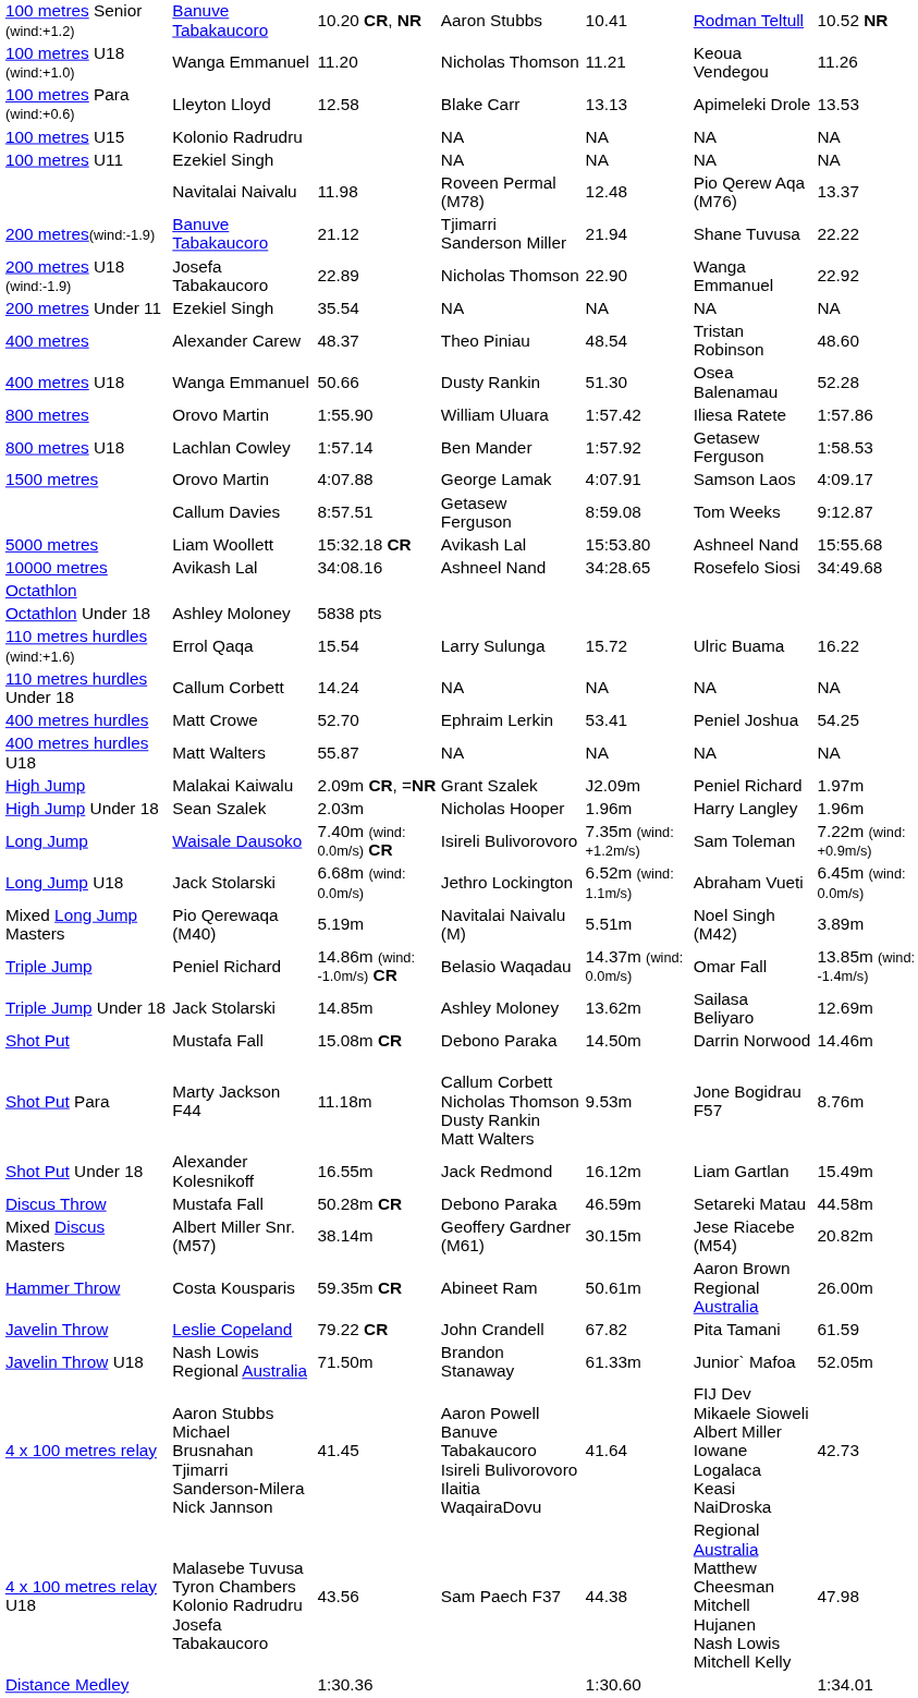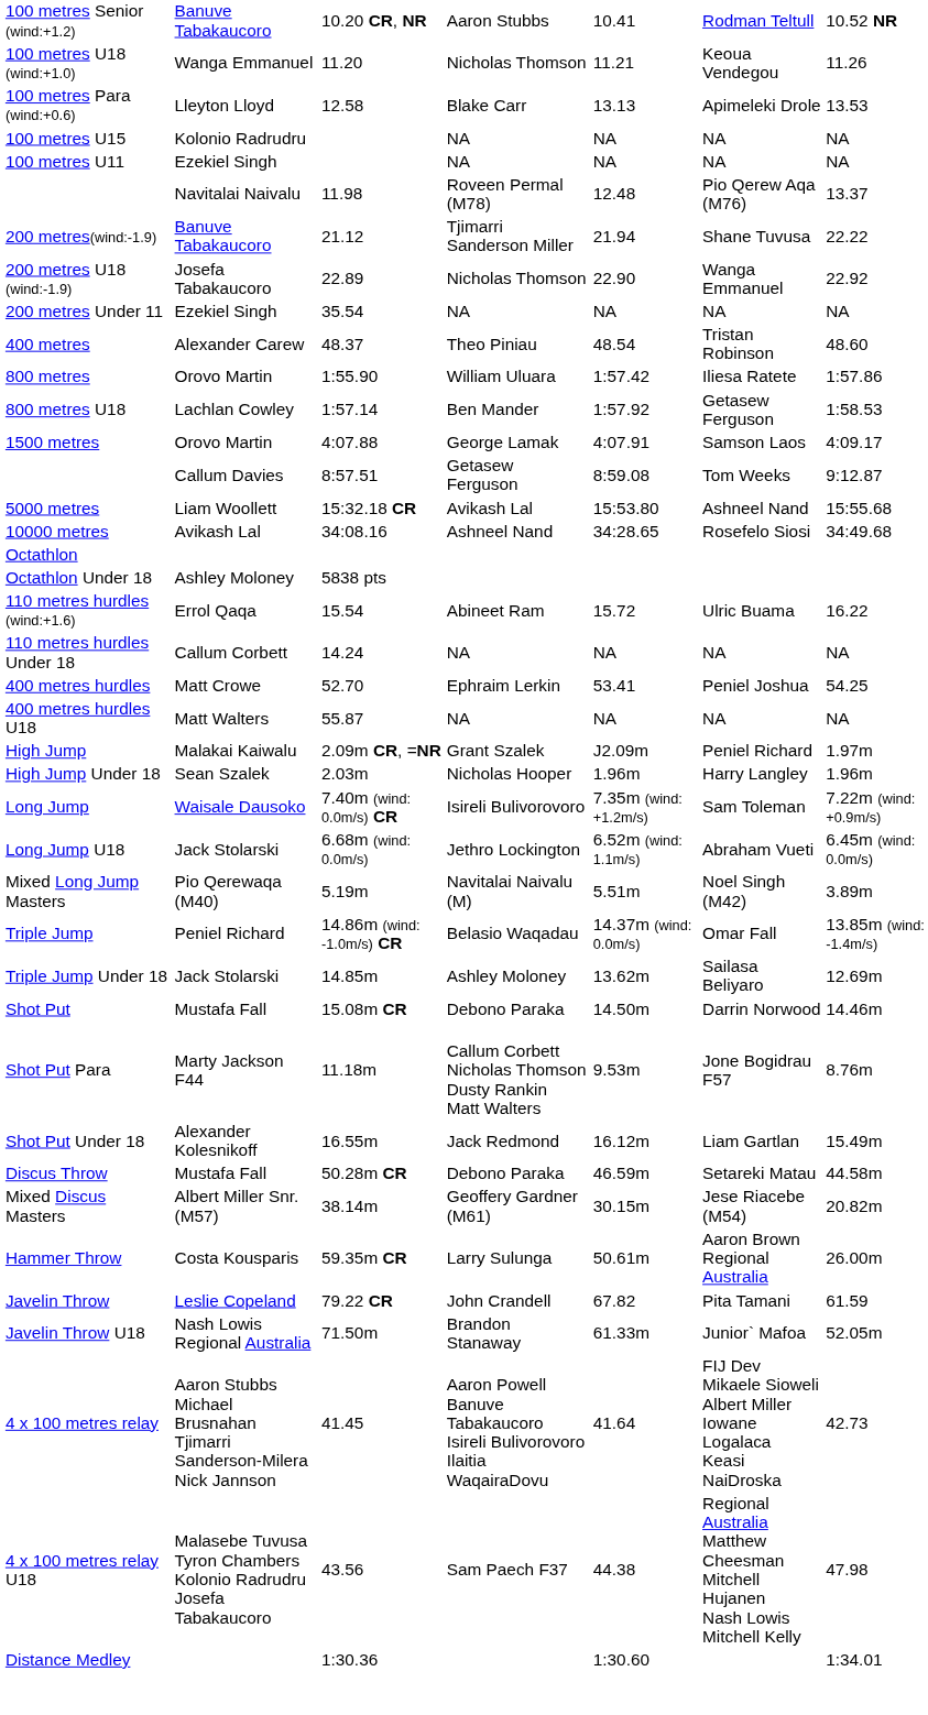 <table>
 <tr>
 <td><a href='#'>100 metres</a> Senior <br><small>(wind:+1.2)</small></td>
 <td><a href='#'>Banuve Tabakaucoro</a><br></td>
 <td>10.20 <strong>CR</strong>, <strong>NR</strong></td>
 <td>Aaron Stubbs<br></td>
 <td>10.41</td>
 <td><a href='#'>Rodman Teltull</a><br></td>
 <td>10.52 <strong>NR</strong></td>
 </tr>
 <tr>
 <td><a href='#'>100 metres</a> U18 <br><small>(wind:+1.0)</small></td>
 <td>Wanga Emmanuel<br></td>
 <td>11.20</td>
 <td>Nicholas Thomson<br></td>
 <td>11.21</td>
 <td>Keoua Vendegou<br></td>
 <td>11.26</td>
 </tr>
 <tr>
 <td><a href='#'>100 metres</a> Para <br><small>(wind:+0.6)</small></td>
 <td>Lleyton Lloyd<br></td>
 <td>12.58</td>
 <td>Blake Carr<br></td>
 <td>13.13</td>
 <td>Apimeleki Drole<br></td>
 <td>13.53</td>
 </tr>
 <tr>
 <td><a href='#'>100 metres</a> U15</td>
 <td>Kolonio Radrudru<br></td>
 <td></td>
 <td>NA</td>
 <td>NA</td>
 <td>NA</td>
 <td>NA</td>
 </tr>
 <tr>
 <td><a href='#'>100 metres</a> U11</td>
 <td>Ezekiel Singh<br></td>
 <td></td>
 <td>NA</td>
 <td>NA</td>
 <td>NA</td>
 <td>NA</td>
 </tr>
 <tr>
 <td></td>
 <td>Navitalai Naivalu<br></td>
 <td>11.98</td>
 <td>Roveen Permal (M78)<br></td>
 <td>12.48</td>
 <td>Pio Qerew Aqa (M76)<br></td>
 <td>13.37</td>
 </tr>
 <tr>
 <td><a href='#'>200 metres</a><small>(wind:-1.9)</small></td>
 <td><a href='#'>Banuve Tabakaucoro</a><br></td>
 <td>21.12</td>
 <td>Tjimarri Sanderson Miller <br></td>
 <td>21.94</td>
 <td>Shane Tuvusa<br></td>
 <td>22.22</td>
 </tr>
 <tr>
 <td><a href='#'>200 metres</a> U18 <br><small>(wind:-1.9)</small></td>
 <td>Josefa Tabakaucoro<br></td>
 <td>22.89</td>
 <td>Nicholas Thomson<br></td>
 <td>22.90</td>
 <td>Wanga Emmanuel<br></td>
 <td>22.92</td>
 </tr>
 <tr>
 <td><a href='#'>200 metres</a> Under 11</td>
 <td>Ezekiel Singh<br></td>
 <td>35.54</td>
 <td>NA</td>
 <td>NA</td>
 <td>NA</td>
 <td>NA</td>
 </tr>
 <tr>
 <td><a href='#'>400 metres</a></td>
 <td>Alexander Carew<br></td>
 <td>48.37</td>
 <td>Theo Piniau<br></td>
 <td>48.54</td>
 <td>Tristan Robinson<br></td>
 <td>48.60</td>
 </tr>
 <tr>
-<td><a href='#'>400 metres</a> U18</td>
-<td>Wanga Emmanuel<br></td>
-<td>50.66</td>
-<td>Dusty Rankin<br></td>
-<td>51.30</td>
-<td>Osea Balenamau<br></td>
-<td>52.28</td>
-</tr>
-<tr>
 <td><a href='#'>800 metres</a></td>
 <td>Orovo Martin<br></td>
 <td>1:55.90</td>
 <td>William Uluara<br></td>
 <td>1:57.42</td>
 <td>Iliesa Ratete<br></td>
 <td>1:57.86</td>
 </tr>
 <tr>
 <td><a href='#'>800 metres</a> U18</td>
 <td>Lachlan Cowley<br></td>
 <td>1:57.14</td>
 <td>Ben Mander<br></td>
 <td>1:57.92</td>
 <td>Getasew Ferguson<br></td>
 <td>1:58.53</td>
 </tr>
 <tr>
 <td><a href='#'>1500 metres</a></td>
 <td>Orovo Martin<br></td>
 <td>4:07.88</td>
 <td>George Lamak<br></td>
 <td>4:07.91</td>
 <td>Samson Laos<br></td>
 <td>4:09.17</td>
 </tr>
 <tr>
 <td></td>
 <td>Callum Davies<br></td>
 <td>8:57.51</td>
 <td>Getasew Ferguson<br></td>
 <td>8:59.08</td>
 <td>Tom Weeks<br></td>
 <td>9:12.87</td>
 </tr>
 <tr>
 <td><a href='#'>5000 metres</a></td>
 <td>Liam Woollett<br></td>
 <td>15:32.18 <strong>CR</strong></td>
 <td>Avikash Lal<br></td>
 <td>15:53.80</td>
 <td>Ashneel Nand<br></td>
 <td>15:55.68</td>
 </tr>
 <tr>
 <td><a href='#'>10000 metres</a></td>
 <td>Avikash Lal<br></td>
 <td>34:08.16</td>
 <td>Ashneel Nand<br></td>
 <td>34:28.65</td>
 <td>Rosefelo Siosi<br></td>
 <td>34:49.68</td>
 </tr>
 <tr>
 <td><a href='#'>Octathlon</a></td>
 <td></td>
 <td></td>
 <td></td>
 <td></td>
 <td></td>
 <td></td>
 </tr>
 <tr>
 <td><a href='#'>Octathlon</a> Under 18</td>
 <td>Ashley Moloney<br></td>
 <td>5838 pts</td>
 <td></td>
 <td></td>
 <td></td>
 <td></td>
 </tr>
 <tr>
 <td><a href='#'>110 metres hurdles</a> <br><small>(wind:+1.6)</small></td>
 <td>Errol Qaqa<br></td>
 <td>15.54</td>
-<td>Larry Sulunga<br></td>
+<td>Abineet Ram<br></td>
 <td>15.72</td>
 <td>Ulric Buama<br></td>
 <td>16.22</td>
 </tr>
 <tr>
 <td><a href='#'>110 metres hurdles</a> Under 18</td>
 <td>Callum Corbett<br></td>
 <td>14.24</td>
 <td>NA</td>
 <td>NA</td>
 <td>NA</td>
 <td>NA</td>
 </tr>
 <tr>
 <td><a href='#'>400 metres hurdles</a></td>
 <td>Matt Crowe<br></td>
 <td>52.70</td>
 <td>Ephraim Lerkin<br></td>
 <td>53.41</td>
 <td>Peniel Joshua<br></td>
 <td>54.25</td>
 </tr>
 <tr>
 <td><a href='#'>400 metres hurdles</a> U18</td>
 <td>Matt Walters<br></td>
 <td>55.87</td>
 <td>NA</td>
 <td>NA</td>
 <td>NA</td>
 <td>NA</td>
 </tr>
 <tr>
 <td><a href='#'>High Jump</a></td>
 <td>Malakai Kaiwalu<br></td>
 <td>2.09m <strong>CR</strong>, =<strong>NR</strong></td>
 <td>Grant Szalek<br></td>
 <td>J2.09m</td>
 <td>Peniel Richard<br></td>
 <td>1.97m</td>
 </tr>
 <tr>
 <td><a href='#'>High Jump</a> Under 18</td>
 <td>Sean Szalek<br></td>
 <td>2.03m</td>
 <td>Nicholas Hooper<br></td>
 <td>1.96m</td>
 <td>Harry Langley<br></td>
 <td>1.96m</td>
 </tr>
 <tr>
 <td><a href='#'>Long Jump</a></td>
 <td><a href='#'>Waisale Dausoko</a><br></td>
 <td>7.40m <small>(wind: 0.0m/s)</small> <strong>CR</strong></td>
 <td>Isireli Bulivorovoro<br></td>
 <td>7.35m <small>(wind: +1.2m/s)</small></td>
 <td>Sam Toleman<br></td>
 <td>7.22m <small>(wind: +0.9m/s)</small></td>
 </tr>
 <tr>
 <td><a href='#'>Long Jump</a> U18</td>
 <td>Jack Stolarski<br></td>
 <td>6.68m <small>(wind: 0.0m/s)</small></td>
 <td>Jethro Lockington<br></td>
 <td>6.52m <small>(wind: 1.1m/s)</small></td>
 <td>Abraham Vueti<br></td>
 <td>6.45m <small>(wind: 0.0m/s)</small></td>
 </tr>
 <tr>
 <td>Mixed <a href='#'>Long Jump</a> Masters</td>
 <td>Pio Qerewaqa (M40)<br></td>
 <td>5.19m</td>
 <td>Navitalai Naivalu (M)<br></td>
 <td>5.51m</td>
 <td>Noel Singh (M42)<br></td>
 <td>3.89m</td>
 </tr>
 <tr>
 <td><a href='#'>Triple Jump</a></td>
 <td>Peniel Richard<br></td>
 <td>14.86m <small>(wind: -1.0m/s)</small> <strong>CR</strong></td>
 <td>Belasio Waqadau<br></td>
 <td>14.37m <small>(wind: 0.0m/s)</small></td>
 <td>Omar Fall<br></td>
 <td>13.85m <small>(wind: -1.4m/s)</small></td>
 </tr>
 <tr>
 <td><a href='#'>Triple Jump</a> Under 18</td>
 <td>Jack Stolarski<br></td>
 <td>14.85m</td>
 <td>Ashley Moloney<br></td>
 <td>13.62m</td>
 <td>Sailasa Beliyaro<br></td>
 <td>12.69m</td>
 </tr>
 <tr>
 <td><a href='#'>Shot Put</a></td>
 <td>Mustafa Fall<br></td>
 <td>15.08m <strong>CR</strong></td>
 <td>Debono Paraka<br></td>
 <td>14.50m</td>
 <td>Darrin Norwood<br></td>
 <td>14.46m</td>
 </tr>
 <tr>
 <td><a href='#'>Shot Put</a> Para</td>
 <td>Marty Jackson F44<br></td>
 <td>11.18m</td>
 <td><br>Callum Corbett <br> Nicholas Thomson <br> Dusty Rankin <br> Matt Walters <br></td>
 <td>9.53m</td>
 <td>Jone Bogidrau F57<br></td>
 <td>8.76m</td>
 </tr>
 <tr>
 <td><a href='#'>Shot Put</a> Under 18</td>
 <td>Alexander Kolesnikoff<br></td>
 <td>16.55m</td>
 <td>Jack Redmond<br></td>
 <td>16.12m</td>
 <td>Liam Gartlan<br></td>
 <td>15.49m</td>
 </tr>
 <tr>
 <td><a href='#'>Discus Throw</a></td>
 <td>Mustafa Fall<br></td>
 <td>50.28m <strong>CR</strong></td>
 <td>Debono Paraka<br></td>
 <td>46.59m</td>
 <td>Setareki Matau<br></td>
 <td>44.58m</td>
 </tr>
 <tr>
 <td>Mixed <a href='#'>Discus</a> Masters</td>
 <td>Albert Miller Snr. (M57)<br></td>
 <td>38.14m</td>
 <td>Geoffery Gardner (M61)<br></td>
 <td>30.15m</td>
 <td>Jese Riacebe (M54)<br></td>
 <td>20.82m</td>
 </tr>
 <tr>
 <td><a href='#'>Hammer Throw</a></td>
 <td>Costa Kousparis<br></td>
 <td>59.35m <strong>CR</strong></td>
-<td>Abineet Ram<br></td>
+<td>Larry Sulunga<br></td>
 <td>50.61m</td>
 <td>Aaron Brown<br> Regional <a href='#'>Australia</a></td>
 <td>26.00m</td>
 </tr>
 <tr>
 <td><a href='#'>Javelin Throw</a></td>
 <td><a href='#'>Leslie Copeland</a><br></td>
 <td>79.22 <strong>CR</strong></td>
 <td>John Crandell<br></td>
 <td>67.82</td>
 <td>Pita Tamani<br></td>
 <td>61.59</td>
 </tr>
 <tr>
 <td><a href='#'>Javelin Throw</a> U18</td>
 <td>Nash Lowis<br> Regional <a href='#'>Australia</a></td>
 <td>71.50m</td>
 <td>Brandon Stanaway<br></td>
 <td>61.33m</td>
 <td>Junior` Mafoa<br></td>
 <td>52.05m</td>
 </tr>
 <tr>
 <td><a href='#'>4 x 100 metres relay</a></td>
 <td><br>Aaron Stubbs <br> Michael Brusnahan <br> Tjimarri Sanderson-Milera <br> Nick Jannson <br></td>
 <td>41.45</td>
 <td><br>Aaron Powell <br> Banuve Tabakaucoro <br> Isireli Bulivorovoro <br> Ilaitia WaqairaDovu <br></td>
 <td>41.64</td>
 <td>FIJ Dev<br>Mikaele Sioweli <br> Albert Miller <br> Iowane Logalaca <br> Keasi NaiDroska <br></td>
 <td>42.73</td>
 </tr>
 <tr>
 <td><a href='#'>4 x 100 metres relay</a> U18</td>
 <td><br>Malasebe Tuvusa <br> Tyron Chambers <br> Kolonio Radrudru <br> Josefa Tabakaucoro <br></td>
 <td>43.56</td>
 <td>Sam Paech F37<br></td>
 <td>44.38</td>
 <td> Regional <a href='#'>Australia</a><br>Matthew Cheesman <br> Mitchell Hujanen <br> Nash Lowis <br> Mitchell Kelly <br></td>
 <td>47.98</td>
 </tr>
 <tr>
 <td><a href='#'>Distance Medley</a></td>
 <td></td>
 <td>1:30.36</td>
 <td></td>
 <td>1:30.60</td>
 <td></td>
 <td>1:34.01</td>
 </tr>
 </table>
